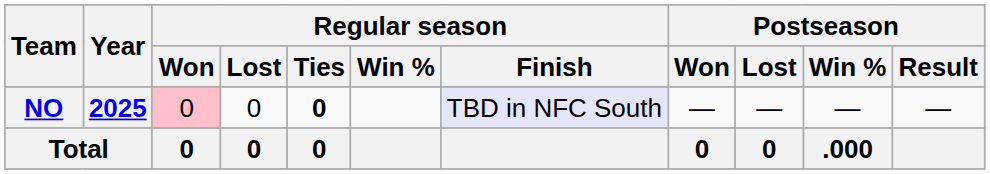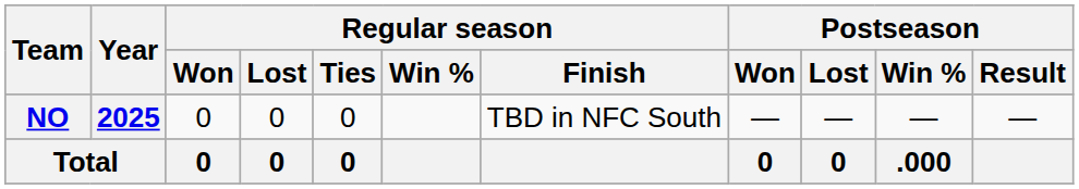 <table class="wikitable" style="font-size: 95%; text-align:center;">
 <tr>
 <th rowspan="2">Team</th>
 <th rowspan="2">Year</th>
 <th colspan="5">Regular season</th>
 <th colspan="4">Postseason</th>
 </tr>
 <tr>
 <th>Won</th>
 <th>Lost</th>
 <th>Ties</th>
 <th>Win %</th>
 <th>Finish</th>
 <th>Won</th>
 <th>Lost</th>
 <th>Win %</th>
 <th>Result</th>
 </tr>
 <tr>
 <th><a href='#'>NO</a></th>
 <th><a href='#'>2025</a></th>
-<td style="background: pink;">0</td>
 <td>0</td>
-<td><strong>0</strong></td>
+<td>0</td>
+<td>0</td>
 <td></td>
-<td style="background: lavender;">TBD in NFC South</td>
+<td>TBD in NFC South</td>
 <td>—</td>
 <td>—</td>
 <td>—</td>
 <td>—</td>
 </tr>
 <tr>
 <th colspan="2">Total</th>
 <th>0</th>
 <th>0</th>
 <th>0</th>
 <th></th>
 <th></th>
 <th>0</th>
 <th>0</th>
 <th>.000</th>
 <th></th>
 </tr>
 </table>
